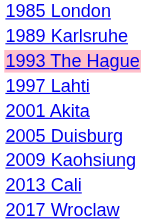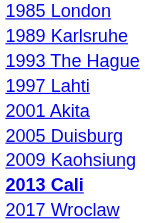 <table>
 <tr>
 <td><a href='#'>1985 London</a></td>
 <td></td>
 <td></td>
 <td></td>
 </tr>
 <tr>
 <td><a href='#'>1989 Karlsruhe</a></td>
 <td></td>
 <td></td>
 <td></td>
 </tr>
 <tr>
-<td style="background: pink;"><a href='#'>1993 The Hague</a></td>
+<td><a href='#'>1993 The Hague</a></td>
 <td></td>
 <td></td>
 <td></td>
 </tr>
 <tr>
 <td><a href='#'>1997 Lahti</a></td>
 <td></td>
 <td></td>
 <td></td>
 </tr>
 <tr>
 <td><a href='#'>2001 Akita</a></td>
 <td></td>
 <td></td>
 <td></td>
 </tr>
 <tr>
 <td><a href='#'>2005 Duisburg</a></td>
 <td></td>
 <td></td>
 <td></td>
 </tr>
 <tr>
 <td><a href='#'>2009 Kaohsiung</a></td>
 <td></td>
 <td></td>
 <td></td>
 </tr>
 <tr>
-<td><a href='#'>2013 Cali</a></td>
+<td><strong><a href='#'>2013 Cali</a></strong></td>
 <td></td>
 <td></td>
 <td></td>
 </tr>
 <tr>
 <td><a href='#'>2017 Wroclaw</a></td>
 <td></td>
 <td></td>
 <td></td>
 </tr>
 </table>
